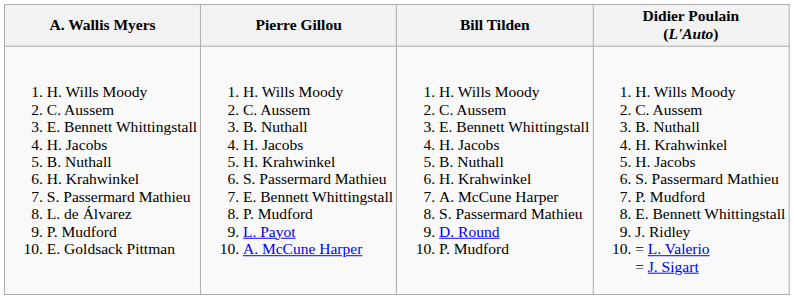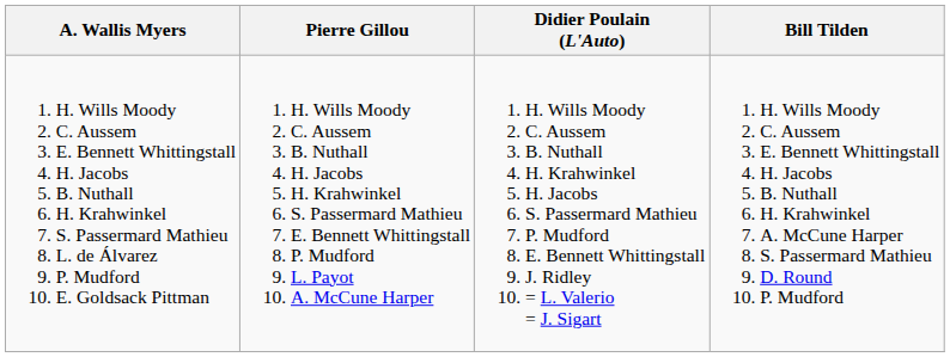 <table class="wikitable">
 <tr>
 <th>A. Wallis Myers</th>
 <th>Pierre Gillou</th>
+<th>Didier Poulain<br>(<em>L'Auto</em>)</th>
 <th>Bill Tilden</th>
-<th>Didier Poulain<br>(<em>L'Auto</em>)</th>
 </tr>
 <tr style="vertical-align: top;">
 <td style="white-space: nowrap;"><br><ol><li> H. Wills Moody</li><li> C. Aussem</li><li> E. Bennett Whittingstall</li><li> H. Jacobs</li><li> B. Nuthall</li><li> H. Krahwinkel</li><li> S. Passermard Mathieu</li><li> L. de Álvarez</li><li> P. Mudford</li><li> E. Goldsack Pittman</li></ol></td>
 <td style="white-space: nowrap;"><br><ol><li> H. Wills Moody</li><li> C. Aussem</li><li> B. Nuthall</li><li> H. Jacobs</li><li> H. Krahwinkel</li><li> S. Passermard Mathieu</li><li> E. Bennett Whittingstall</li><li> P. Mudford</li><li> <a href='#'>L. Payot</a></li><li> <a href='#'>A. McCune Harper</a></li></ol></td>
+<td style="white-space: nowrap;"><br><ol><li> H. Wills Moody</li><li> C. Aussem</li><li> B. Nuthall</li><li> H. Krahwinkel</li><li> H. Jacobs</li><li> S. Passermard Mathieu</li><li> P. Mudford</li><li> E. Bennett Whittingstall</li><li> J. Ridley</li><li>= <a href='#'>L. Valerio</a><br>= <a href='#'>J. Sigart</a></li></ol></td>
 <td style="white-space: nowrap;"><br><ol><li> H. Wills Moody</li><li> C. Aussem</li><li> E. Bennett Whittingstall</li><li> H. Jacobs</li><li> B. Nuthall</li><li> H. Krahwinkel</li><li> A. McCune Harper</li><li> S. Passermard Mathieu</li><li> <a href='#'>D. Round</a></li><li> P. Mudford</li></ol></td>
-<td style="white-space: nowrap;"><br><ol><li> H. Wills Moody</li><li> C. Aussem</li><li> B. Nuthall</li><li> H. Krahwinkel</li><li> H. Jacobs</li><li> S. Passermard Mathieu</li><li> P. Mudford</li><li> E. Bennett Whittingstall</li><li> J. Ridley</li><li>= <a href='#'>L. Valerio</a><br>= <a href='#'>J. Sigart</a></li></ol></td>
 </tr>
 </table>
